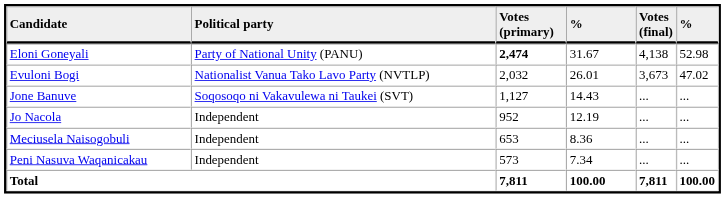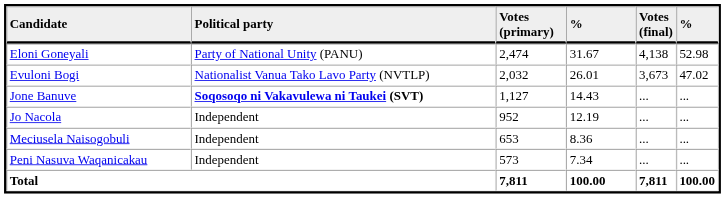 <table table width="70%" border="1" align="center" cellpadding=3 cellspacing=0 style="margin:5px; border:3px solid;">
 <tr>
 <td td width="27%" style="border-bottom:3px solid; background:#efefef;"><strong>Candidate</strong></td>
 <td td width="45%" style="border-bottom:3px solid; background:#efefef;"><strong>Political party</strong></td>
 <td td width="10%" style="border-bottom:3px solid; background:#efefef;"><strong>Votes<br>(primary)</strong></td>
 <td td width="10%" style="border-bottom:3px solid; background:#efefef;"><strong>%</strong></td>
 <td td width="4%" style="border-bottom:3px solid; background:#efefef;"><strong>Votes<br>(final)</strong></td>
 <td td width="4%" style="border-bottom:3px solid; background:#efefef;"><strong>%</strong></td>
 </tr>
 <tr>
 <td><a href='#'>Eloni Goneyali</a></td>
 <td><a href='#'>Party of National Unity</a> (PANU)</td>
-<td><strong>2,474</strong></td>
+<td>2,474</td>
 <td>31.67</td>
 <td>4,138</td>
 <td>52.98</td>
 </tr>
 <tr>
 <td><a href='#'>Evuloni Bogi</a></td>
 <td><a href='#'>Nationalist Vanua Tako Lavo Party</a> (NVTLP)</td>
 <td>2,032</td>
 <td>26.01</td>
 <td>3,673</td>
 <td>47.02</td>
 </tr>
 <tr>
 <td><a href='#'>Jone Banuve</a></td>
-<td><a href='#'>Soqosoqo ni Vakavulewa ni Taukei</a> (SVT)</td>
+<td><strong><a href='#'>Soqosoqo ni Vakavulewa ni Taukei</a> (SVT)</strong></td>
 <td>1,127</td>
 <td>14.43</td>
 <td>...</td>
 <td>...</td>
 </tr>
 <tr>
 <td><a href='#'>Jo Nacola</a></td>
 <td>Independent</td>
 <td>952</td>
 <td>12.19</td>
 <td>...</td>
 <td>...</td>
 </tr>
 <tr>
 <td><a href='#'>Meciusela Naisogobuli</a></td>
 <td>Independent</td>
 <td>653</td>
 <td>8.36</td>
 <td>...</td>
 <td>...</td>
 </tr>
 <tr>
 <td><a href='#'>Peni Nasuva Waqanicakau</a></td>
 <td>Independent</td>
 <td>573</td>
 <td>7.34</td>
 <td>...</td>
 <td>...</td>
 </tr>
 <tr>
 <td colspan=2><strong>Total</strong></td>
 <td><strong>7,811</strong></td>
 <td><strong>100.00</strong></td>
 <td><strong>7,811</strong></td>
 <td><strong>100.00</strong></td>
 </tr>
 <tr>
 </tr>
 </table>
